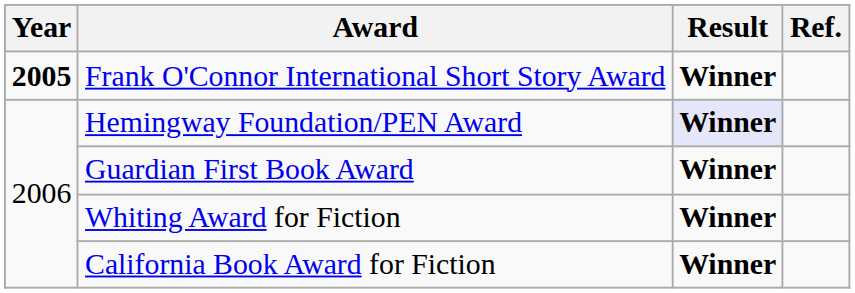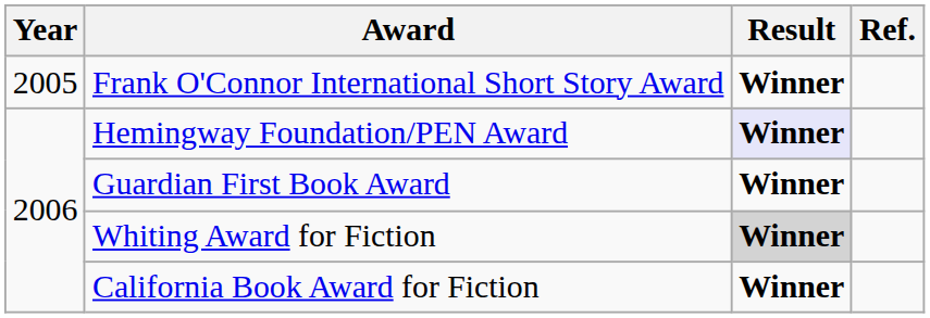 <table class="wikitable sortable mw-collapsible">
 <tr>
 <th>Year</th>
 <th>Award</th>
 <th>Result</th>
 <th>Ref.</th>
 </tr>
 <tr>
-<td><strong>2005</strong></td>
+<td>2005</td>
 <td><a href='#'>Frank O'Connor International Short Story Award</a></td>
 <td><strong>Winner</strong></td>
 <td></td>
 </tr>
 <tr>
 <td rowspan="4">2006</td>
 <td><a href='#'>Hemingway Foundation/PEN Award</a></td>
 <td style="background: lavender;"><strong>Winner</strong></td>
 <td></td>
 </tr>
 <tr>
 <td><a href='#'>Guardian First Book Award</a></td>
 <td><strong>Winner</strong></td>
 <td></td>
 </tr>
 <tr>
 <td><a href='#'>Whiting Award</a> for Fiction</td>
-<td><strong>Winner</strong></td>
+<td style="background: lightgrey;"><strong>Winner</strong></td>
 <td></td>
 </tr>
 <tr>
 <td><a href='#'>California Book Award</a> for Fiction</td>
 <td><strong>Winner</strong></td>
 <td></td>
 </tr>
 </table>
